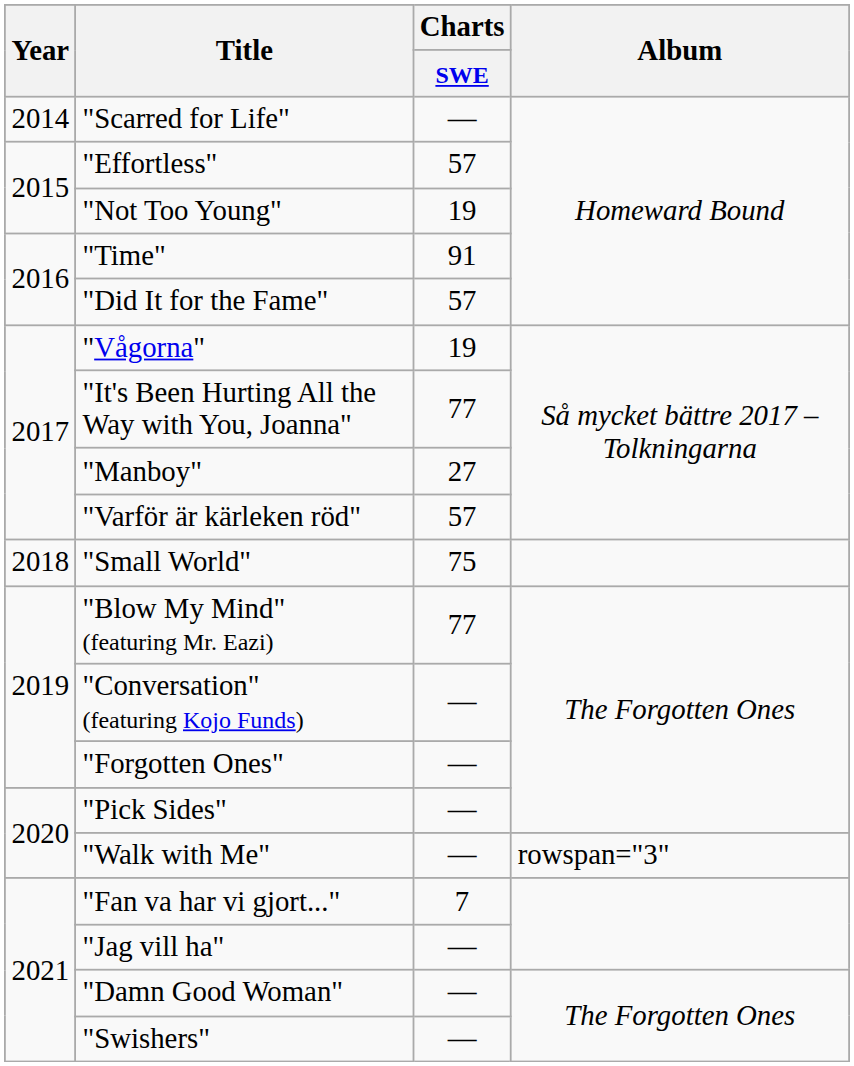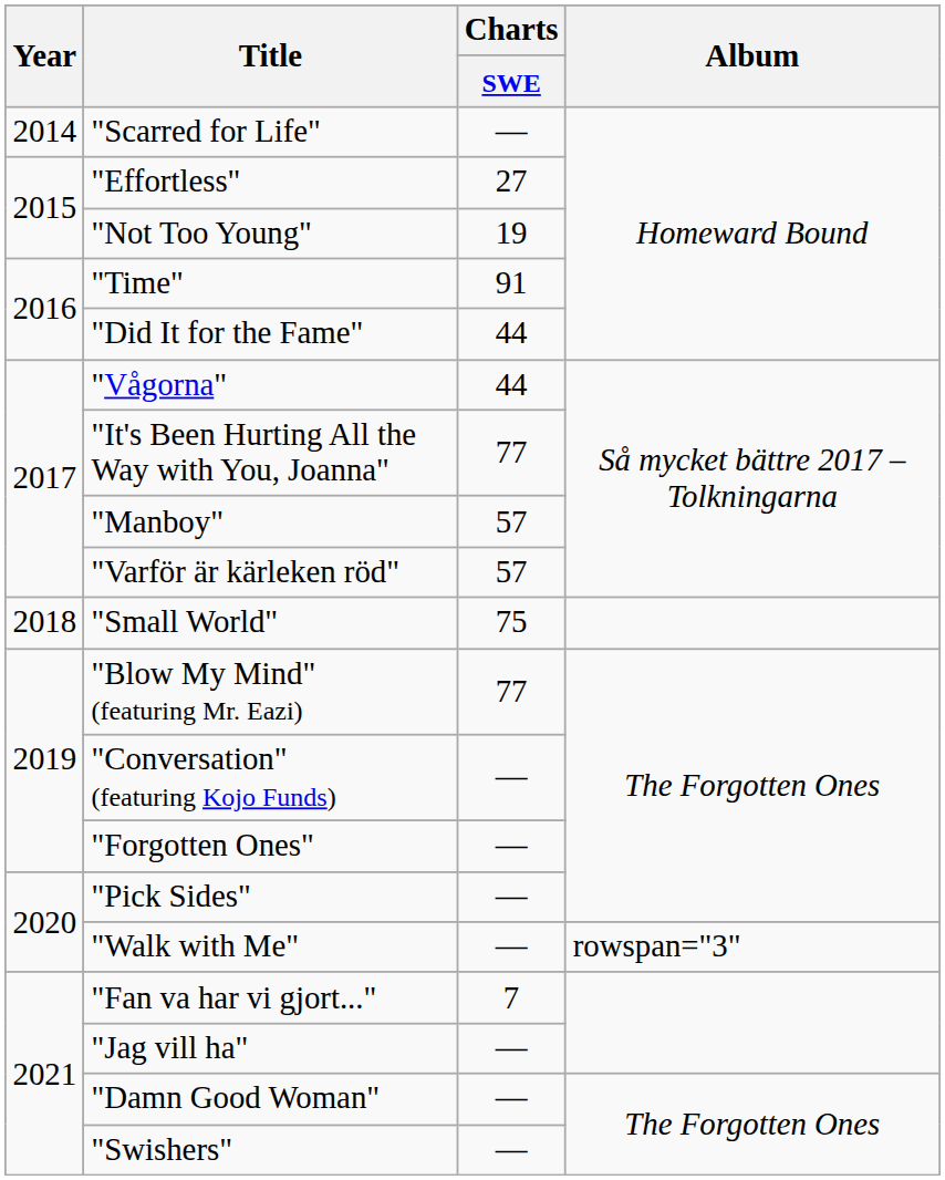 <table class="wikitable">
 <tr>
 <th style="text-align:center; width:1px;" rowspan="2">Year</th>
 <th rowspan="2" style="text-align:center; width:180px;">Title</th>
 <th style="text-align:center;">Charts</th>
 <th rowspan="2" style="text-align:center; width:180px;">Album</th>
 </tr>
 <tr>
 <th width="20"><small><a href='#'>SWE</a></small><br></th>
 </tr>
 <tr>
 <td style="text-align:center;">2014</td>
 <td>"Scarred for Life"</td>
 <td style="text-align:center;">—</td>
 <td style="text-align:center;" rowspan="5"><em>Homeward Bound</em></td>
 </tr>
 <tr>
 <td style="text-align:center;" rowspan="2">2015</td>
 <td>"Effortless"</td>
-<td style="text-align:center;">57</td>
+<td style="text-align:center;">27</td>
 </tr>
 <tr>
 <td>"Not Too Young"</td>
 <td style="text-align:center;">19<br></td>
 </tr>
 <tr>
 <td style="text-align:center;" rowspan="2">2016</td>
 <td>"Time"</td>
 <td style="text-align:center;">91</td>
 </tr>
 <tr>
 <td>"Did It for the Fame"</td>
-<td style="text-align:center;">57</td>
+<td style="text-align:center;">44</td>
 </tr>
 <tr>
 <td style="text-align:center;" rowspan="4">2017</td>
 <td>"<a href='#'>Vågorna</a>"</td>
-<td style="text-align:center;">19</td>
+<td style="text-align:center;">44</td>
 <td style="text-align:center;" rowspan="4"><em>Så mycket bättre 2017 – Tolkningarna</em></td>
 </tr>
 <tr>
 <td>"It's Been Hurting All the Way with You, Joanna"</td>
 <td style="text-align:center;">77</td>
 </tr>
 <tr>
 <td>"Manboy"</td>
-<td style="text-align:center;">27</td>
+<td style="text-align:center;">57</td>
 </tr>
 <tr>
 <td>"Varför är kärleken röd"</td>
 <td style="text-align:center;">57</td>
 </tr>
 <tr>
 <td style="text-align:center;">2018</td>
 <td>"Small World"</td>
 <td style="text-align:center;">75<br></td>
 <td></td>
 </tr>
 <tr>
 <td style="text-align:center;" rowspan="3">2019</td>
 <td>"Blow My Mind"<br><small>(featuring Mr. Eazi)</small></td>
 <td style="text-align:center;">77</td>
 <td style="text-align:center;" rowspan="4"><em>The Forgotten Ones</em></td>
 </tr>
 <tr>
 <td>"Conversation"<br><small>(featuring <a href='#'>Kojo Funds</a>)</small></td>
 <td style="text-align:center;">—</td>
 </tr>
 <tr>
 <td>"Forgotten Ones"</td>
 <td style="text-align:center;">—</td>
 </tr>
 <tr>
 <td style="text-align:center;" rowspan="2">2020</td>
 <td>"Pick Sides"</td>
 <td style="text-align:center;">—</td>
 </tr>
 <tr>
 <td>"Walk with Me"</td>
 <td style="text-align:center;">—</td>
 <td>rowspan="3" </td>
 </tr>
 <tr>
 <td style="text-align:center;" rowspan="4">2021</td>
 <td>"Fan va har vi gjort..."<br></td>
 <td style="text-align:center;">7</td>
 </tr>
 <tr>
 <td>"Jag vill ha"</td>
 <td style="text-align:center;">—</td>
 </tr>
 <tr>
 <td>"Damn Good Woman"</td>
 <td style="text-align:center;">—</td>
 <td style="text-align:center;" rowspan="2"><em>The Forgotten Ones</em></td>
 </tr>
 <tr>
 <td>"Swishers"</td>
 <td style="text-align:center;">—</td>
 </tr>
 </table>
